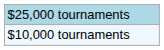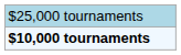 <table class="wikitable"style="font-size:85%; width:13%;">
 <tr style="background:lightblue;">
 <td>$25,000 tournaments</td>
 </tr>
 <tr style="background:#f0f8ff;">
-<td>$10,000 tournaments</td>
+<td><strong>$10,000 tournaments</strong></td>
 </tr>
 </table>
